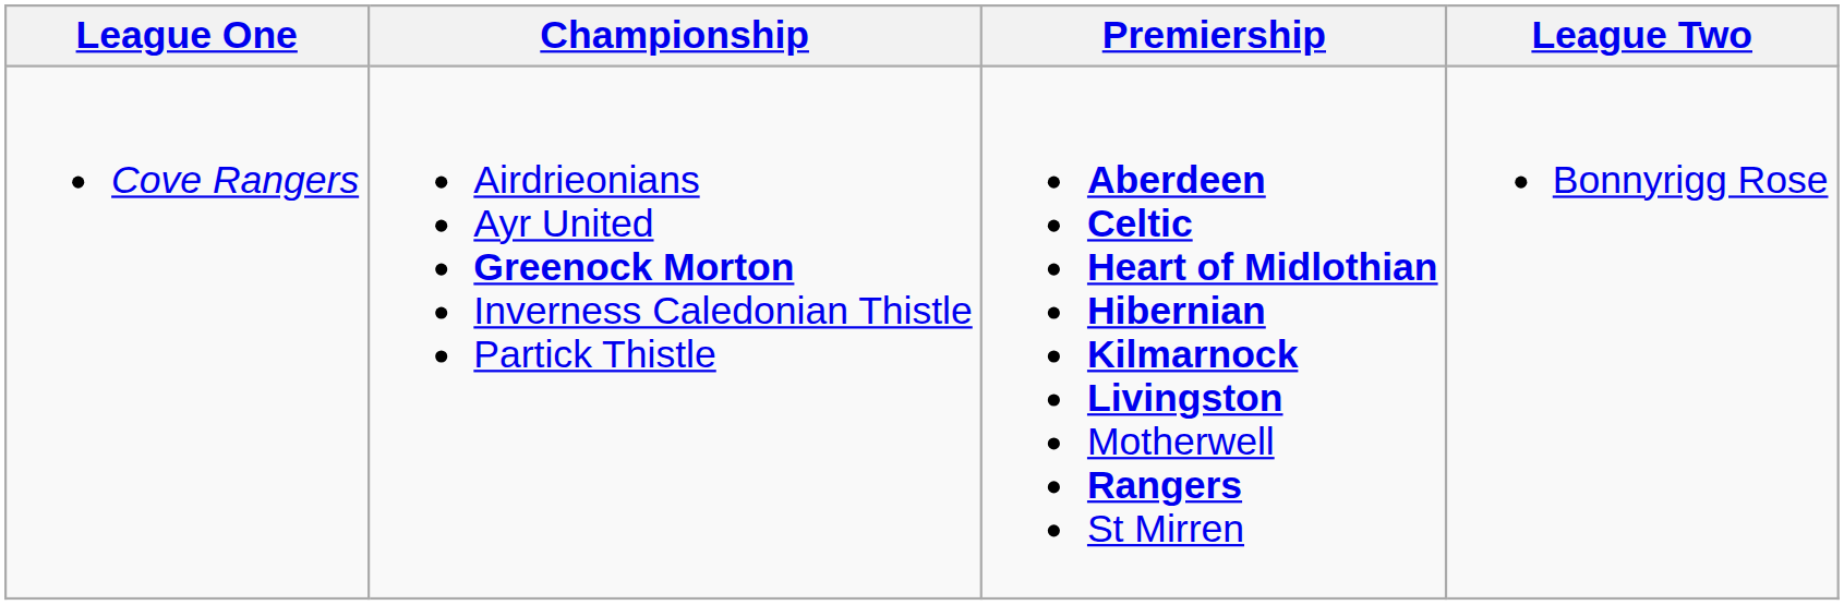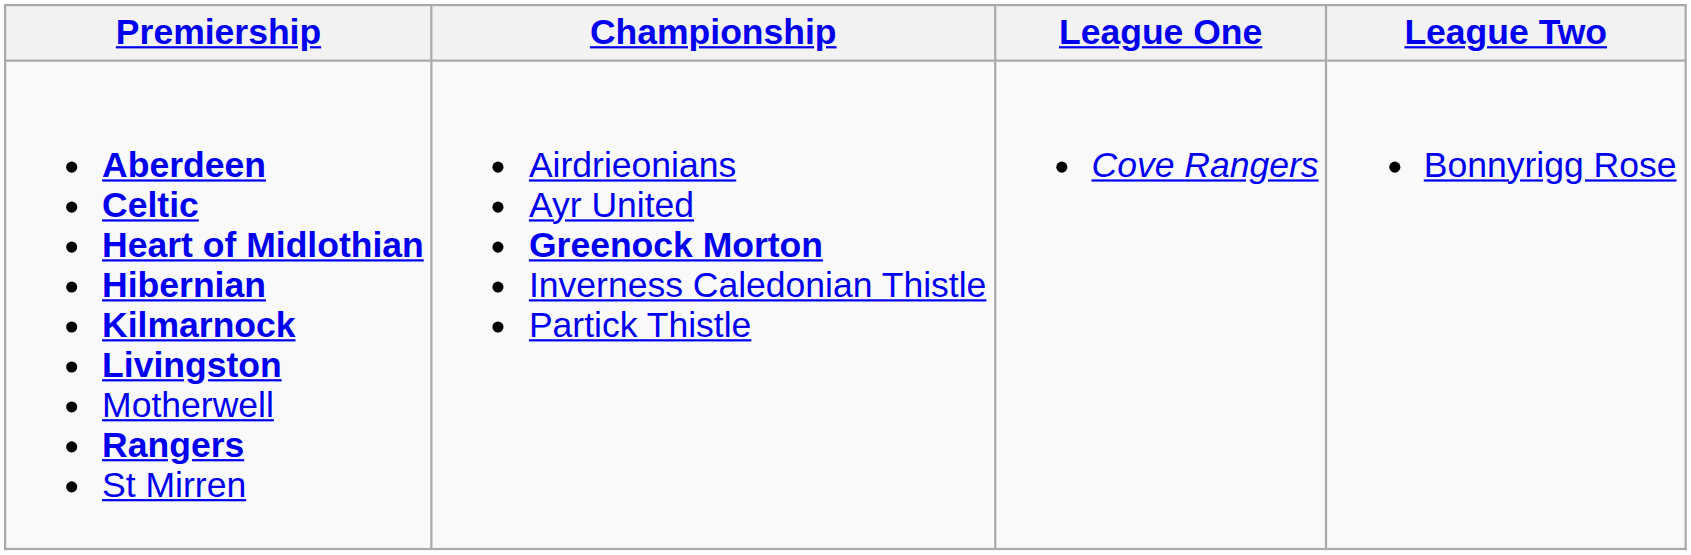 <table class="wikitable" style="text-align:left">
 <tr>
+<th><a href='#'>Premiership</a></th>
+<th><a href='#'>Championship</a></th>
 <th><a href='#'>League One</a></th>
-<th><a href='#'>Championship</a></th>
-<th><a href='#'>Premiership</a></th>
 <th><a href='#'>League Two</a></th>
 </tr>
 <tr>
+<td valign="top"><br><ul><li><strong><a href='#'>Aberdeen</a></strong></li><li><strong><a href='#'>Celtic</a></strong></li><li><strong><a href='#'>Heart of Midlothian</a></strong></li><li><strong><a href='#'>Hibernian</a></strong></li><li><strong><a href='#'>Kilmarnock</a></strong></li><li><strong><a href='#'>Livingston</a></strong></li><li><a href='#'>Motherwell</a></li><li><strong><a href='#'>Rangers</a></strong></li><li><a href='#'>St Mirren</a></li></ul></td>
+<td valign=top><br><ul><li><a href='#'>Airdrieonians</a></li><li><a href='#'>Ayr United</a></li><li><strong><a href='#'>Greenock Morton</a></strong></li><li><a href='#'>Inverness Caledonian Thistle</a></li><li><a href='#'>Partick Thistle</a></li></ul></td>
 <td valign=top><br><ul><li><em><a href='#'>Cove Rangers</a></em></li></ul></td>
-<td valign=top><br><ul><li><a href='#'>Airdrieonians</a></li><li><a href='#'>Ayr United</a></li><li><strong><a href='#'>Greenock Morton</a></strong></li><li><a href='#'>Inverness Caledonian Thistle</a></li><li><a href='#'>Partick Thistle</a></li></ul></td>
-<td valign="top"><br><ul><li><strong><a href='#'>Aberdeen</a></strong></li><li><strong><a href='#'>Celtic</a></strong></li><li><strong><a href='#'>Heart of Midlothian</a></strong></li><li><strong><a href='#'>Hibernian</a></strong></li><li><strong><a href='#'>Kilmarnock</a></strong></li><li><strong><a href='#'>Livingston</a></strong></li><li><a href='#'>Motherwell</a></li><li><strong><a href='#'>Rangers</a></strong></li><li><a href='#'>St Mirren</a></li></ul></td>
 <td valign=top><br><ul><li><a href='#'>Bonnyrigg Rose</a></li></ul></td>
 </tr>
 </table>
